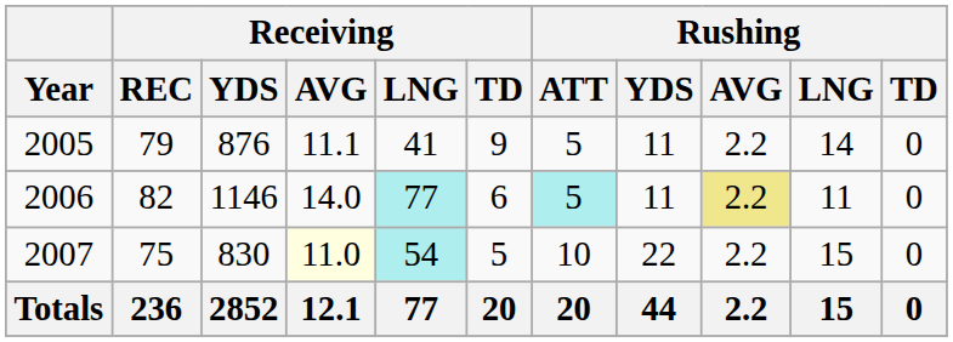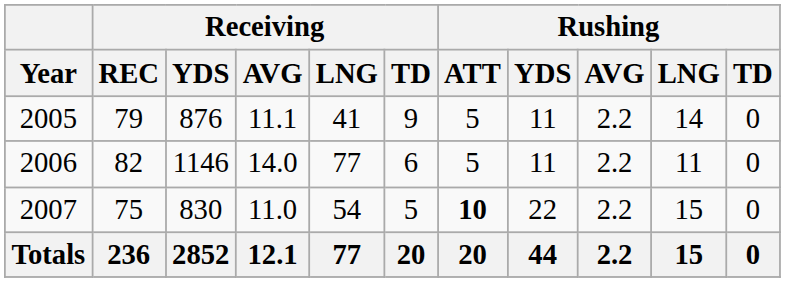 <table class="wikitable" style="text-align: center;">
 <tr>
 <th></th>
 <th colspan="5">Receiving</th>
 <th colspan="5">Rushing</th>
 </tr>
 <tr>
 <th>Year</th>
 <th>REC</th>
 <th>YDS</th>
 <th>AVG</th>
 <th>LNG</th>
 <th>TD</th>
 <th>ATT</th>
 <th>YDS</th>
 <th>AVG</th>
 <th>LNG</th>
 <th>TD</th>
 </tr>
 <tr>
 <td>2005</td>
 <td>79</td>
 <td>876</td>
 <td>11.1</td>
 <td>41</td>
 <td>9</td>
 <td>5</td>
 <td>11</td>
 <td>2.2</td>
 <td>14</td>
 <td>0</td>
 </tr>
 <tr>
 <td>2006</td>
 <td>82</td>
 <td>1146</td>
 <td>14.0</td>
-<td style="background: paleturquoise;">77</td>
+<td>77</td>
 <td>6</td>
-<td style="background: paleturquoise;">5</td>
+<td>5</td>
 <td>11</td>
-<td style="background: khaki;">2.2</td>
+<td>2.2</td>
 <td>11</td>
 <td>0</td>
 </tr>
 <tr>
 <td>2007</td>
 <td>75</td>
 <td>830</td>
-<td style="background: lightyellow;">11.0</td>
-<td style="background: paleturquoise;">54</td>
+<td>11.0</td>
+<td>54</td>
 <td>5</td>
-<td>10</td>
+<td><strong>10</strong></td>
 <td>22</td>
 <td>2.2</td>
 <td>15</td>
 <td>0</td>
 </tr>
 <tr>
 <th>Totals</th>
 <th>236</th>
 <th>2852</th>
 <th>12.1</th>
 <th>77</th>
 <th>20</th>
 <th>20</th>
 <th>44</th>
 <th>2.2</th>
 <th>15</th>
 <th>0</th>
 </tr>
 </table>
